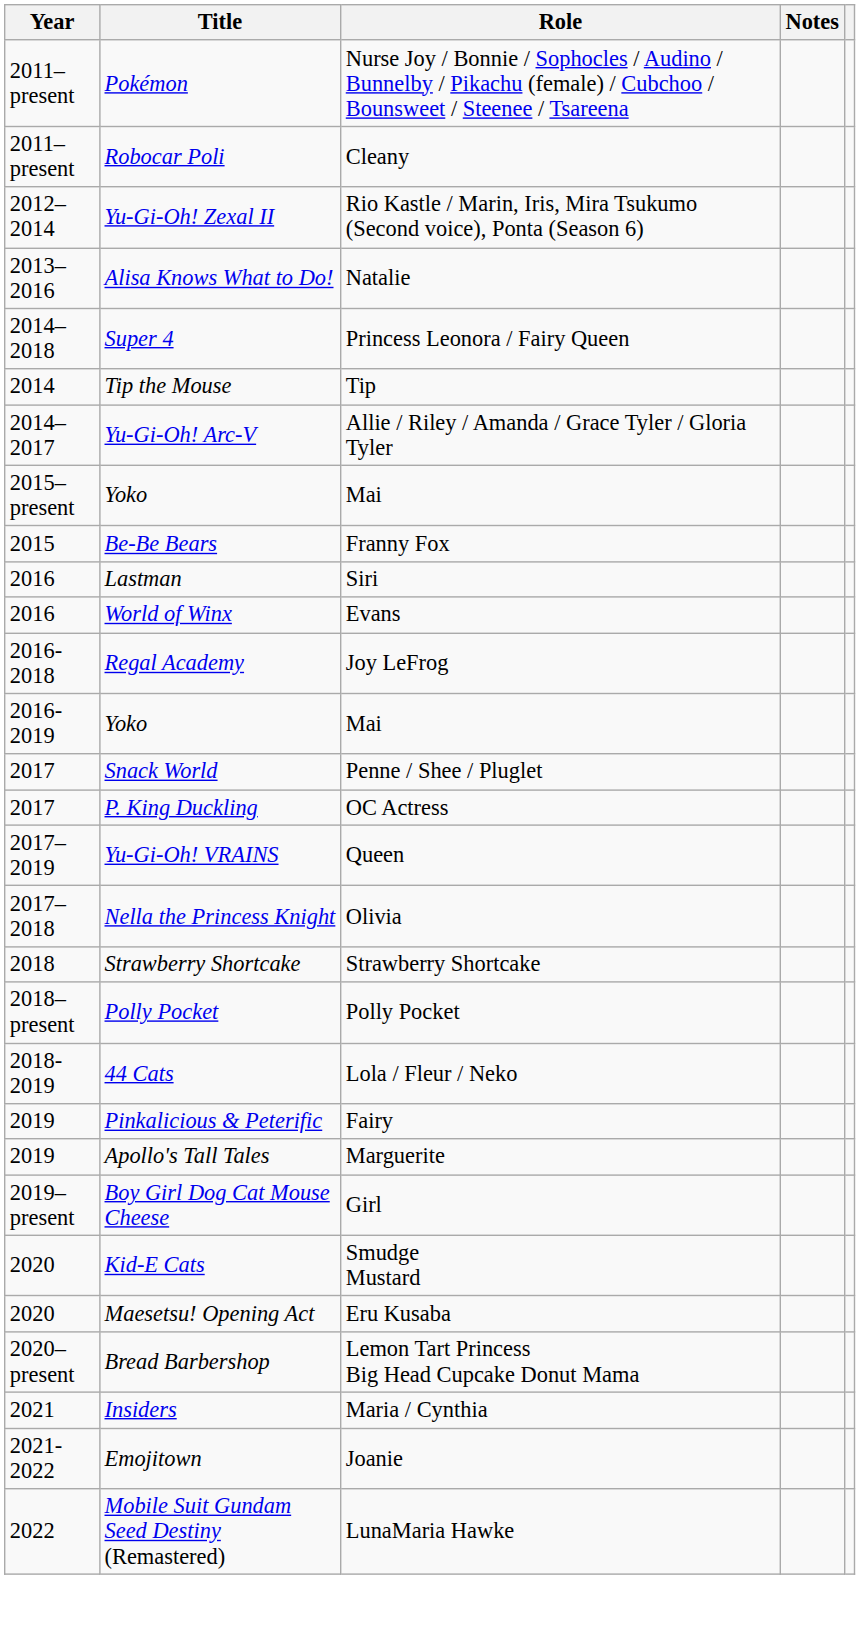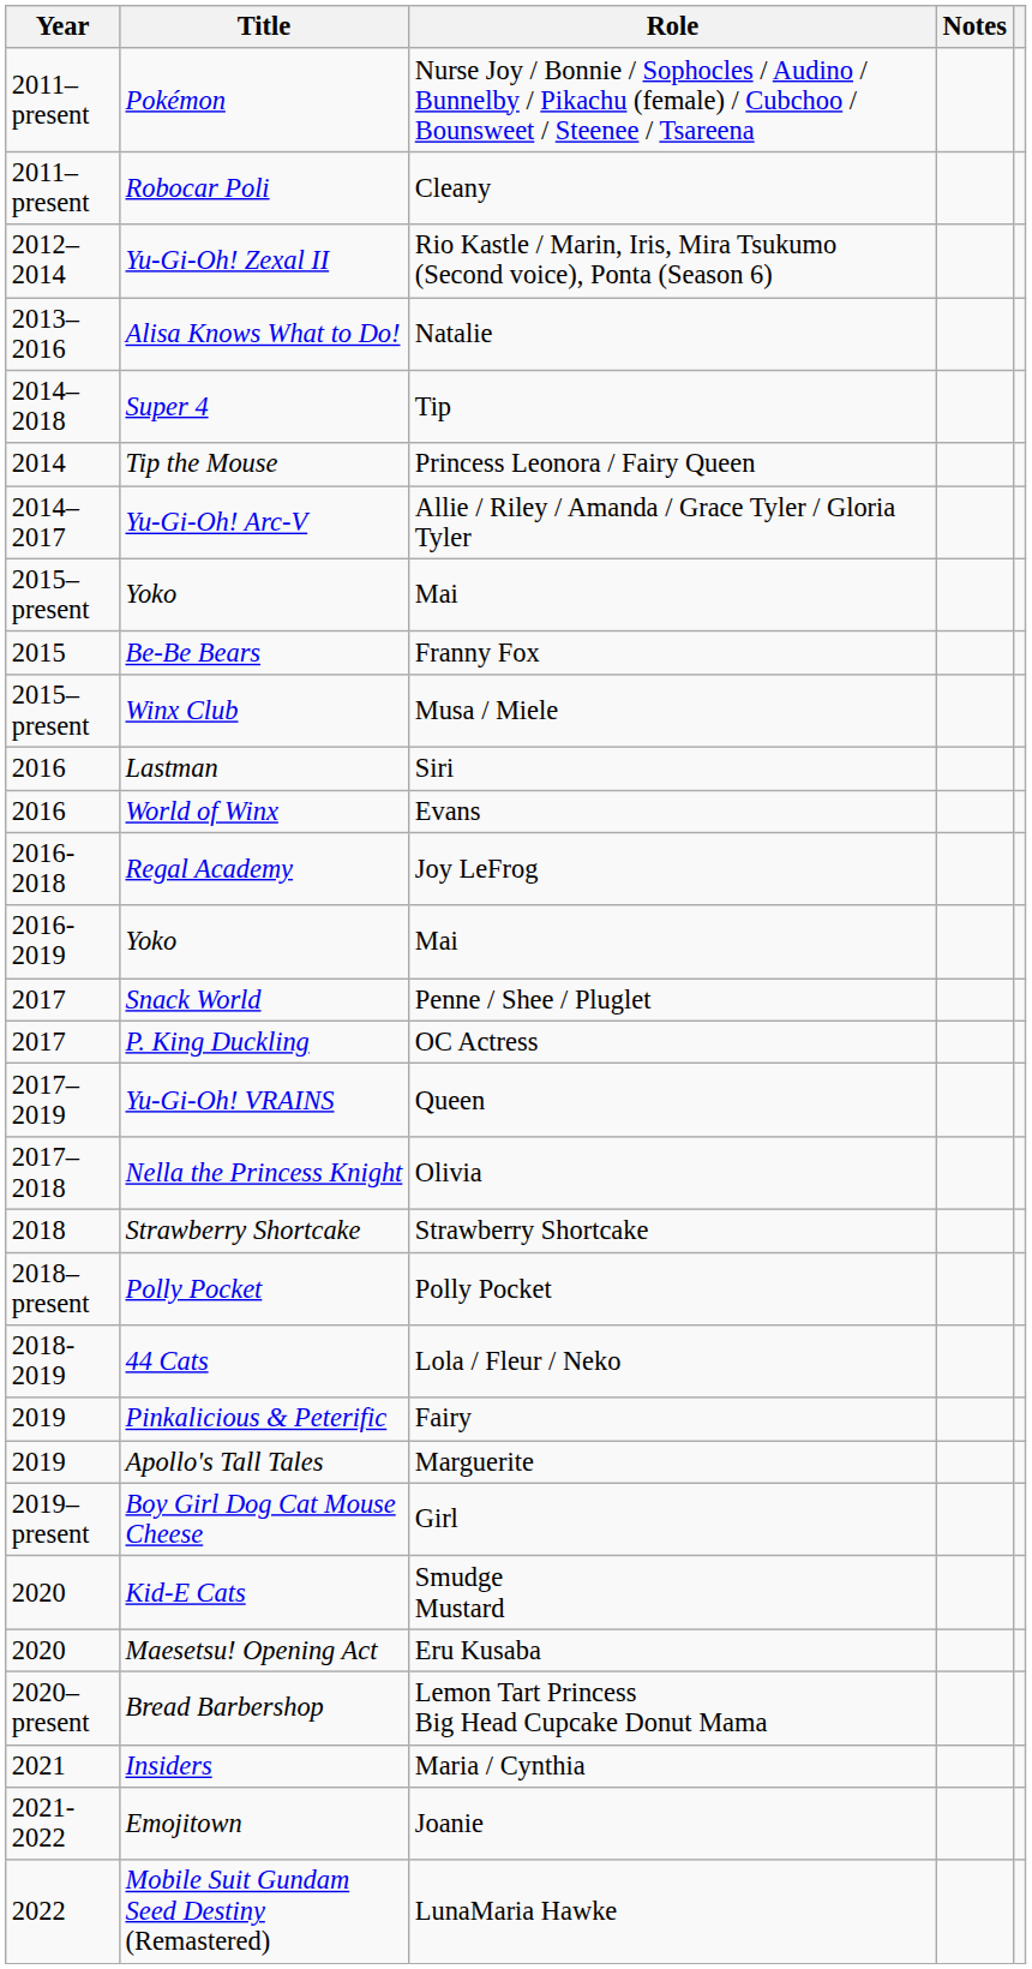 <table class="wikitable">
 <tr>
 <th>Year</th>
 <th>Title</th>
 <th>Role</th>
 <th>Notes</th>
 <th></th>
 </tr>
 <tr>
 <td>2011–present</td>
 <td><a href='#'><em>Pokémon</em></a></td>
 <td>Nurse Joy / Bonnie / <a href='#'>Sophocles</a> / <a href='#'>Audino</a> / <a href='#'>Bunnelby</a> / <a href='#'>Pikachu</a> (female) / <a href='#'>Cubchoo</a> / <a href='#'>Bounsweet</a> / <a href='#'>Steenee</a> / <a href='#'>Tsareena</a></td>
 <td></td>
 <td></td>
 </tr>
 <tr>
 <td>2011–present</td>
 <td><em><a href='#'>Robocar Poli</a></em></td>
 <td>Cleany</td>
 <td></td>
 <td></td>
 </tr>
 <tr>
 <td>2012–2014</td>
 <td><em><a href='#'>Yu-Gi-Oh! Zexal II</a></em></td>
 <td>Rio Kastle / Marin, Iris, Mira Tsukumo (Second voice), Ponta (Season 6)</td>
 <td></td>
 <td></td>
 </tr>
 <tr>
 <td>2013–2016</td>
 <td><em><a href='#'>Alisa Knows What to Do!</a></em></td>
 <td>Natalie</td>
 <td></td>
 <td></td>
 </tr>
 <tr>
 <td>2014–2018</td>
 <td><em><a href='#'>Super 4</a></em></td>
-<td>Princess Leonora / Fairy Queen</td>
+<td>Tip</td>
 <td></td>
 <td></td>
 </tr>
 <tr>
 <td>2014</td>
 <td><em>Tip the Mouse</em></td>
-<td>Tip</td>
+<td>Princess Leonora / Fairy Queen</td>
 <td></td>
 <td></td>
 </tr>
 <tr>
 <td>2014–2017</td>
 <td><em><a href='#'>Yu-Gi-Oh! Arc-V</a></em></td>
 <td>Allie / Riley / Amanda / Grace Tyler / Gloria Tyler</td>
 <td></td>
 <td></td>
 </tr>
 <tr>
 <td>2015–present</td>
 <td><em>Yoko</em></td>
 <td>Mai</td>
 <td></td>
 <td></td>
 </tr>
 <tr>
 <td>2015</td>
 <td><em><a href='#'>Be-Be Bears</a></em></td>
 <td>Franny Fox</td>
+<td></td>
+<td></td>
+</tr>
+<tr>
+<td>2015–present</td>
+<td><em><a href='#'>Winx Club</a></em></td>
+<td>Musa / Miele</td>
 <td></td>
 <td></td>
 </tr>
 <tr>
 <td>2016</td>
 <td><em>Lastman</em></td>
 <td>Siri</td>
 <td></td>
 <td></td>
 </tr>
 <tr>
 <td>2016</td>
 <td><em><a href='#'>World of Winx</a></em></td>
 <td>Evans</td>
 <td></td>
 <td></td>
 </tr>
 <tr>
 <td>2016-2018</td>
 <td><em><a href='#'>Regal Academy</a></em></td>
 <td>Joy LeFrog</td>
 <td></td>
 <td></td>
 </tr>
 <tr>
 <td>2016-2019</td>
 <td><em>Yoko</em></td>
 <td>Mai</td>
 <td></td>
 <td></td>
 </tr>
 <tr>
 <td>2017</td>
 <td><em><a href='#'>Snack World</a></em></td>
 <td>Penne / Shee / Pluglet</td>
 <td></td>
 <td></td>
 </tr>
 <tr>
 <td>2017</td>
 <td><em><a href='#'>P. King Duckling</a></em></td>
 <td>OC Actress</td>
 <td></td>
 <td></td>
 </tr>
 <tr>
 <td>2017–2019</td>
 <td><em><a href='#'>Yu-Gi-Oh! VRAINS</a></em></td>
 <td>Queen</td>
 <td></td>
 <td></td>
 </tr>
 <tr>
 <td>2017–2018</td>
 <td><em><a href='#'>Nella the Princess Knight</a></em></td>
 <td>Olivia</td>
 <td></td>
 <td></td>
 </tr>
 <tr>
 <td>2018</td>
 <td><em>Strawberry Shortcake</em></td>
 <td>Strawberry Shortcake</td>
 <td></td>
 <td></td>
 </tr>
 <tr>
 <td>2018–present</td>
 <td><em><a href='#'>Polly Pocket</a></em></td>
 <td>Polly Pocket</td>
 <td></td>
 <td></td>
 </tr>
 <tr>
 <td>2018-2019</td>
 <td><em><a href='#'>44 Cats</a></em></td>
 <td>Lola / Fleur / Neko</td>
 <td></td>
 <td></td>
 </tr>
 <tr>
 <td>2019</td>
 <td><em><a href='#'>Pinkalicious & Peterific</a></em></td>
 <td>Fairy</td>
 <td></td>
 <td></td>
 </tr>
 <tr>
 <td>2019</td>
 <td><em>Apollo's Tall Tales</em></td>
 <td>Marguerite</td>
 <td></td>
 <td></td>
 </tr>
 <tr>
 <td>2019–present</td>
 <td><em><a href='#'>Boy Girl Dog Cat Mouse Cheese</a></em></td>
 <td>Girl</td>
 <td></td>
 <td></td>
 </tr>
 <tr>
 <td>2020</td>
 <td><em><a href='#'>Kid-E Cats</a></em></td>
 <td>Smudge<br>Mustard</td>
 <td></td>
 <td></td>
 </tr>
 <tr>
 <td>2020</td>
 <td><em>Maesetsu! Opening Act</em></td>
 <td>Eru Kusaba</td>
 <td></td>
 <td></td>
 </tr>
 <tr>
 <td>2020–present</td>
 <td><em>Bread Barbershop</em></td>
 <td>Lemon Tart Princess<br>Big Head Cupcake Donut Mama</td>
 <td></td>
 <td></td>
 </tr>
 <tr>
 <td>2021</td>
 <td><em><a href='#'>Insiders</a></em></td>
 <td>Maria / Cynthia</td>
 <td></td>
 <td></td>
 </tr>
 <tr>
 <td>2021-2022</td>
 <td><em>Emojitown</em></td>
 <td>Joanie</td>
 <td></td>
 <td></td>
 </tr>
 <tr>
 <td>2022</td>
 <td><em><a href='#'>Mobile Suit Gundam Seed Destiny</a></em> (Remastered)</td>
 <td>LunaMaria Hawke</td>
 <td></td>
 <td></td>
 </tr>
 </table>
